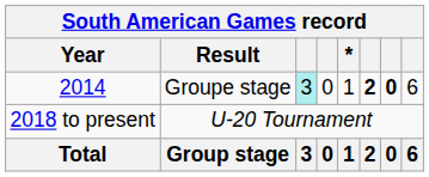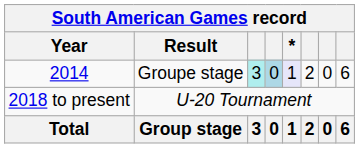 <table class="wikitable" style="text-align: center;">
 <tr>
 <th colspan=8><a href='#'>South American Games</a> record</th>
 </tr>
 <tr>
 <th>Year</th>
 <th>Result</th>
 <th></th>
 <th></th>
 <th>*</th>
 <th></th>
 <th></th>
 <th></th>
 </tr>
 <tr>
 <td> <a href='#'>2014</a></td>
 <td>Groupe stage</td>
 <td style="background: paleturquoise;">3</td>
+<td style="background: lightblue;">0</td>
+<td style="background: lavender;">1</td>
+<td>2</td>
 <td>0</td>
-<td>1</td>
-<td><strong>2</strong></td>
-<td><strong>0</strong></td>
 <td>6</td>
 </tr>
 <tr>
 <td> <a href='#'>2018</a> to present</td>
 <td colspan=7><em>U-20 Tournament</em></td>
 </tr>
 <tr>
 <th>Total</th>
 <th>Group stage</th>
 <th>3</th>
 <th>0</th>
 <th>1</th>
 <th>2</th>
 <th>0</th>
 <th>6</th>
 </tr>
 </table>
